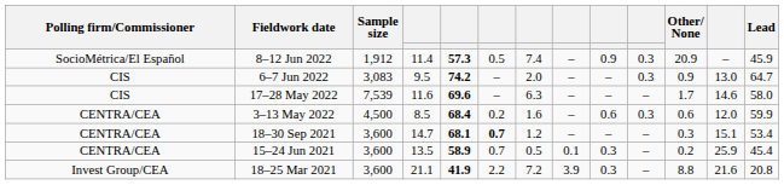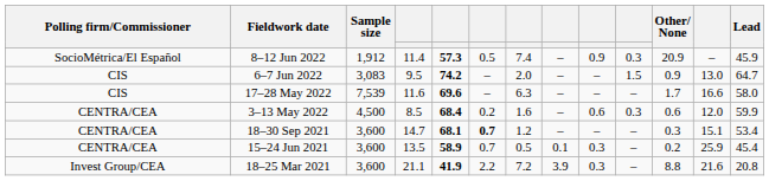 <table class="wikitable collapsible collapsed" style="text-align:center; font-size:90%; line-height:14px;">
 <tr style="height:42px;">
 <th style="width:250px;" rowspan="2">Polling firm/Commissioner</th>
 <th style="width:125px;" rowspan="2">Fieldwork date</th>
 <th style="width:50px;" rowspan="2">Sample size</th>
 <th style="width:35px;"></th>
 <th style="width:35px;"></th>
 <th style="width:35px;"></th>
 <th style="width:35px;"></th>
 <th style="width:35px;"></th>
 <th style="width:35px;"></th>
 <th style="width:35px;"></th>
 <th style="width:35px;" rowspan="2">Other/<br>None</th>
 <th style="width:35px;" rowspan="2"></th>
 <th style="width:30px;" rowspan="2">Lead</th>
 </tr>
 <tr>
 <th style="color:inherit;background:"></th>
 <th style="color:inherit;background:"></th>
 <th style="color:inherit;background:"></th>
 <th style="color:inherit;background:"></th>
 <th style="color:inherit;background:"></th>
 <th style="color:inherit;background:"></th>
 <th style="color:inherit;background:"></th>
 </tr>
 <tr>
 <td>SocioMétrica/El Español</td>
 <td>8–12 Jun 2022</td>
 <td>1,912</td>
 <td>11.4</td>
 <td><strong>57.3</strong></td>
 <td>0.5</td>
 <td>7.4</td>
 <td>–</td>
 <td>0.9</td>
 <td>0.3</td>
 <td>20.9</td>
 <td>–</td>
 <td style="background:">45.9</td>
 </tr>
 <tr>
 <td>CIS</td>
 <td>6–7 Jun 2022</td>
 <td>3,083</td>
 <td>9.5</td>
 <td><strong>74.2</strong></td>
 <td>–</td>
 <td>2.0</td>
 <td>–</td>
 <td>–</td>
-<td>0.3</td>
+<td>1.5</td>
 <td>0.9</td>
 <td>13.0</td>
 <td style="background:">64.7</td>
 </tr>
 <tr>
 <td>CIS</td>
 <td>17–28 May 2022</td>
 <td>7,539</td>
 <td>11.6</td>
 <td><strong>69.6</strong></td>
 <td>–</td>
 <td>6.3</td>
 <td>–</td>
 <td>–</td>
 <td>–</td>
 <td>1.7</td>
-<td>14.6</td>
+<td>16.6</td>
 <td style="background:">58.0</td>
 </tr>
 <tr>
 <td>CENTRA/CEA</td>
 <td>3–13 May 2022</td>
 <td>4,500</td>
 <td>8.5</td>
 <td><strong>68.4</strong></td>
 <td>0.2</td>
 <td>1.6</td>
 <td>–</td>
 <td>0.6</td>
 <td>0.3</td>
 <td>0.6</td>
 <td>12.0</td>
 <td style="background:">59.9</td>
 </tr>
 <tr>
 <td>CENTRA/CEA</td>
 <td>18–30 Sep 2021</td>
 <td>3,600</td>
 <td>14.7</td>
 <td><strong>68.1</strong></td>
 <td><strong>0.7</strong></td>
 <td>1.2</td>
 <td>–</td>
 <td>–</td>
 <td>–</td>
 <td>0.3</td>
 <td>15.1</td>
 <td style="background:">53.4</td>
 </tr>
 <tr>
 <td>CENTRA/CEA</td>
 <td>15–24 Jun 2021</td>
 <td>3,600</td>
 <td>13.5</td>
 <td><strong>58.9</strong></td>
 <td>0.7</td>
 <td>0.5</td>
 <td>0.1</td>
 <td>0.3</td>
 <td>–</td>
 <td>0.2</td>
 <td>25.9</td>
 <td style="background:">45.4</td>
 </tr>
 <tr>
 <td>Invest Group/CEA</td>
 <td>18–25 Mar 2021</td>
 <td>3,600</td>
 <td>21.1</td>
 <td><strong>41.9</strong></td>
 <td>2.2</td>
 <td>7.2</td>
 <td>3.9</td>
 <td>0.3</td>
 <td>–</td>
 <td>8.8</td>
 <td>21.6</td>
 <td style="background:">20.8</td>
 </tr>
 </table>
